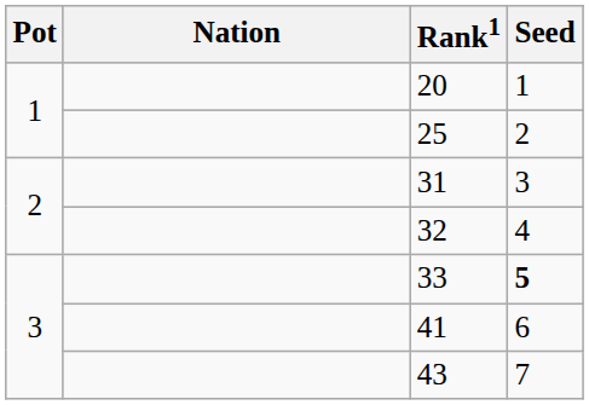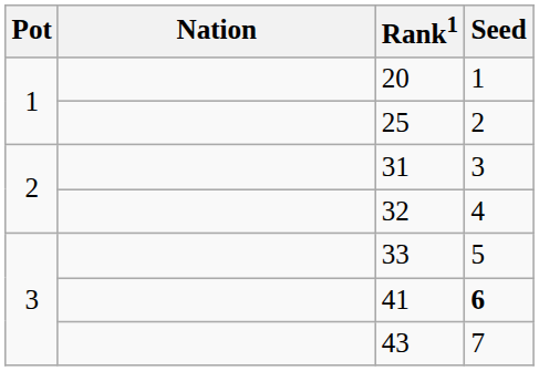 <table class="wikitable">
 <tr>
 <th>Pot</th>
 <th width="175">Nation</th>
 <th>Rank<sup>1</sup></th>
 <th>Seed</th>
 </tr>
 <tr>
 <td rowspan=2 style="text-align:center;">1</td>
 <td></td>
 <td>20</td>
 <td>1</td>
 </tr>
 <tr>
 <td></td>
 <td>25</td>
 <td>2</td>
 </tr>
 <tr>
 <td rowspan=2 style="text-align:center;">2</td>
 <td></td>
 <td>31</td>
 <td>3</td>
 </tr>
 <tr>
 <td></td>
 <td>32</td>
 <td>4</td>
 </tr>
 <tr>
 <td rowspan=3 style="text-align:center;">3</td>
 <td></td>
 <td>33</td>
-<td><strong>5</strong></td>
+<td>5</td>
 </tr>
 <tr>
 <td></td>
 <td>41</td>
-<td>6</td>
+<td><strong>6</strong></td>
 </tr>
 <tr>
 <td></td>
 <td>43</td>
 <td>7</td>
 </tr>
 </table>
